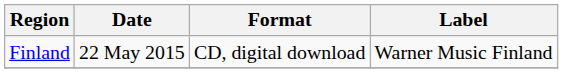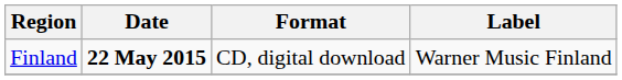 <table class=wikitable>
 <tr>
 <th>Region</th>
 <th>Date</th>
 <th>Format</th>
 <th>Label</th>
 </tr>
 <tr>
 <td><a href='#'>Finland</a></td>
-<td>22 May 2015</td>
+<td><strong>22 May 2015</strong></td>
 <td>CD, digital download</td>
 <td>Warner Music Finland</td>
 </tr>
 <tr>
 </tr>
 </table>
